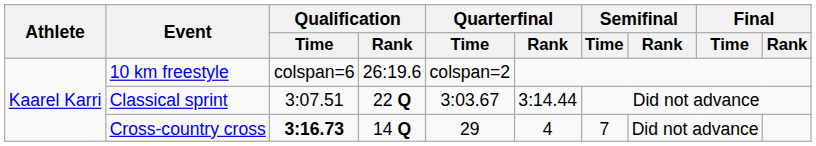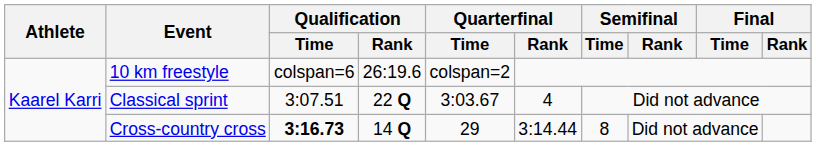 <table class="wikitable" style="font-size:90%">
 <tr>
 <th rowspan="2">Athlete</th>
 <th rowspan="2">Event</th>
 <th colspan="2">Qualification</th>
 <th colspan="2">Quarterfinal</th>
 <th colspan="2">Semifinal</th>
 <th colspan="2">Final</th>
 </tr>
 <tr style="font-size:95%">
 <th>Time</th>
 <th>Rank</th>
 <th>Time</th>
 <th>Rank</th>
 <th>Time</th>
 <th>Rank</th>
 <th>Time</th>
 <th>Rank</th>
 </tr>
 <tr align=center>
 <td align=left rowspan=3><a href='#'>Kaarel Karri</a></td>
 <td align=left><a href='#'>10 km freestyle</a></td>
 <td>colspan=6 </td>
 <td>26:19.6</td>
 <td>colspan=2 </td>
 </tr>
 <tr align=center>
 <td align=left><a href='#'>Classical sprint</a></td>
 <td>3:07.51</td>
 <td>22 <strong>Q</strong></td>
 <td>3:03.67</td>
-<td>3:14.44</td>
+<td>4</td>
 <td colspan=4>Did not advance</td>
 </tr>
 <tr align=center>
 <td align=left><a href='#'>Cross-country cross</a></td>
 <td><strong>3:16.73</strong></td>
 <td>14 <strong>Q</strong></td>
 <td>29</td>
-<td>4</td>
-<td>7</td>
+<td>3:14.44</td>
+<td>8</td>
 <td colspan=2>Did not advance</td>
 </tr>
 </table>
